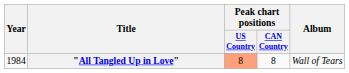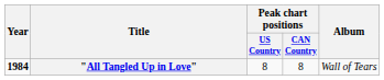 <table class="wikitable plainrowheaders" style="text-align:center;">
 <tr>
 <th rowspan="2">Year</th>
 <th rowspan="2" style="width:20em;">Title</th>
 <th colspan="2">Peak chart<br>positions</th>
 <th rowspan="2">Album</th>
 </tr>
 <tr style="font-size:smaller;">
 <th width="45"><a href='#'>US Country</a><br></th>
 <th width="45"><a href='#'>CAN Country</a></th>
 </tr>
 <tr>
-<td>1984</td>
+<td><strong>1984</strong></td>
 <th scope="row">"<a href='#'>All Tangled Up in Love</a>"<br></th>
-<td style="background: lightsalmon;">8</td>
+<td>8</td>
 <td>8</td>
 <td align="left"><em>Wall of Tears</em></td>
 </tr>
 </table>
